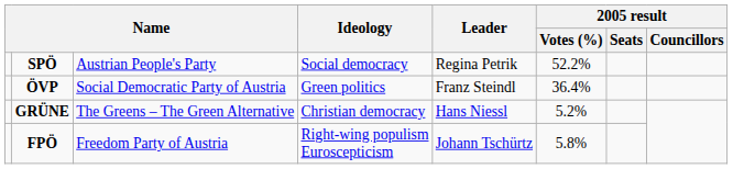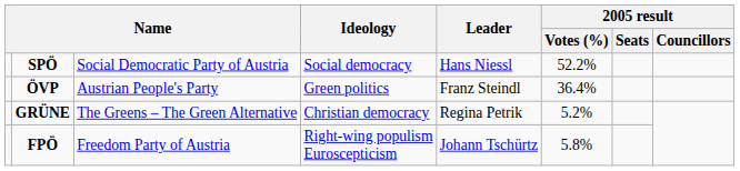 <table class="wikitable">
 <tr>
 <th rowspan="2" colspan="3">Name</th>
 <th rowspan="2">Ideology</th>
 <th rowspan="2">Leader</th>
 <th colspan="3">2005 result</th>
 </tr>
 <tr>
 <th>Votes (%)</th>
 <th>Seats</th>
 <th>Councillors</th>
 </tr>
 <tr>
 <td style="background:"></td>
 <td style="text-align:center;"><strong>SPÖ</strong></td>
-<td><a href='#'>Austrian People's Party</a><br></td>
+<td><a href='#'>Social Democratic Party of Austria</a><br></td>
 <td><a href='#'>Social democracy</a></td>
-<td>Regina Petrik</td>
+<td><a href='#'>Hans Niessl</a></td>
 <td style="text-align:center;">52.2%</td>
 <td></td>
 <td></td>
 </tr>
 <tr>
 <td style="background:"></td>
 <td style="text-align:center;"><strong>ÖVP</strong></td>
-<td><a href='#'>Social Democratic Party of Austria</a><br></td>
+<td><a href='#'>Austrian People's Party</a><br></td>
 <td><a href='#'>Green politics</a></td>
 <td>Franz Steindl</td>
 <td style="text-align:center;">36.4%</td>
 <td></td>
 <td></td>
 </tr>
 <tr>
 <td style="background:"></td>
 <td style="text-align:center;"><strong>GRÜNE</strong></td>
 <td><a href='#'>The Greens – The Green Alternative</a><br></td>
 <td><a href='#'>Christian democracy</a></td>
-<td><a href='#'>Hans Niessl</a></td>
+<td>Regina Petrik</td>
 <td style="text-align:center;">5.2%</td>
 <td></td>
 </tr>
 <tr>
 <td style="background:"></td>
 <td style="text-align:center;"><strong>FPÖ</strong></td>
 <td><a href='#'>Freedom Party of Austria</a><br></td>
 <td><a href='#'>Right-wing populism</a><br><a href='#'>Euroscepticism</a></td>
 <td><a href='#'>Johann Tschürtz</a></td>
 <td style="text-align:center;">5.8%</td>
 <td></td>
 </tr>
 </table>
